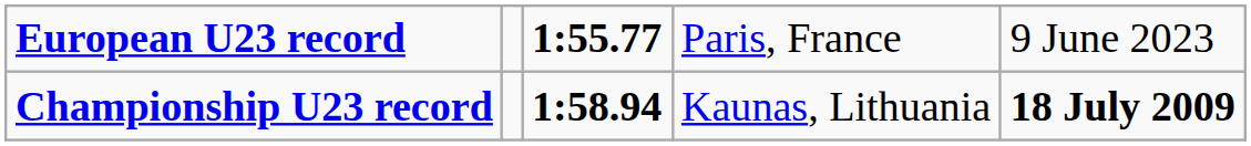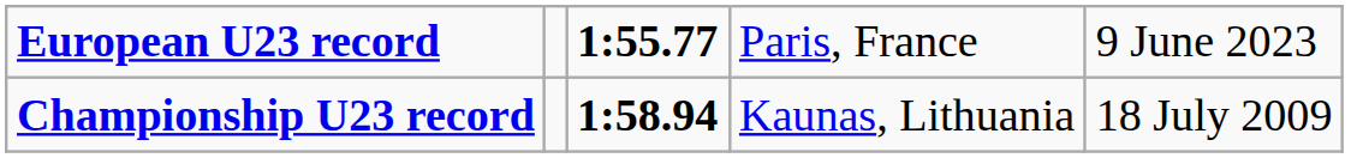 <table class="wikitable">
 <tr>
 <td><strong><a href='#'>European U23 record</a></strong></td>
 <td></td>
 <td><strong>1:55.77</strong></td>
 <td><a href='#'>Paris</a>, France</td>
 <td>9 June 2023</td>
 </tr>
 <tr>
 <td><strong><a href='#'>Championship U23 record</a></strong></td>
 <td></td>
 <td><strong>1:58.94</strong></td>
 <td><a href='#'>Kaunas</a>, Lithuania</td>
-<td><strong>18 July 2009</strong></td>
+<td>18 July 2009</td>
 </tr>
 </table>
